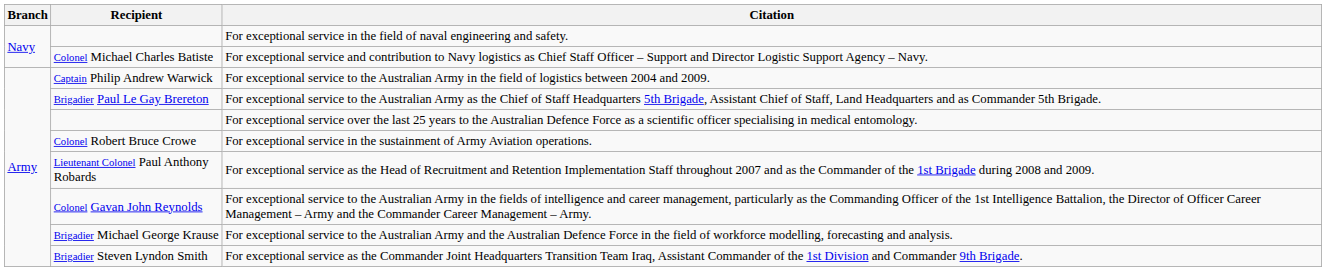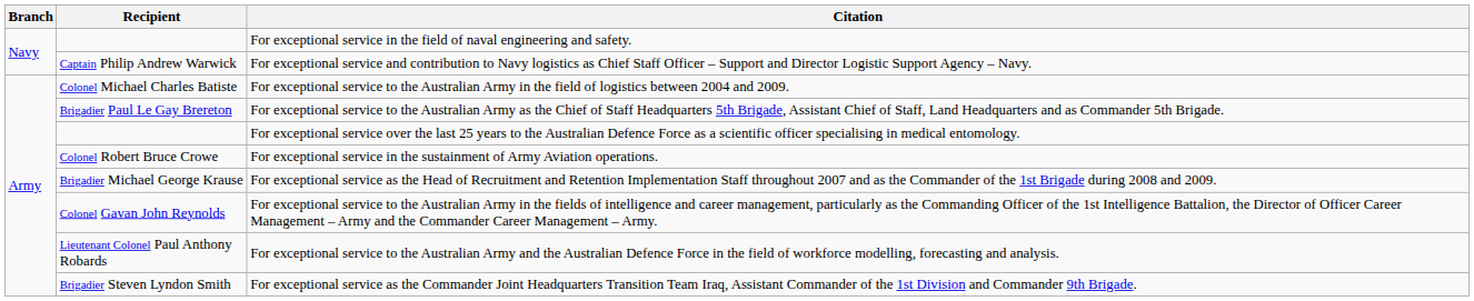 <table class="wikitable" style="font-size:95%;">
 <tr>
 <th>Branch</th>
 <th>Recipient</th>
 <th>Citation</th>
 </tr>
 <tr>
 <td rowspan="2"><a href='#'>Navy</a></td>
 <td></td>
 <td>For exceptional service in the field of naval engineering and safety.</td>
 </tr>
 <tr>
-<td><small><a href='#'>Colonel</a></small> Michael Charles Batiste</td>
+<td><small><a href='#'>Captain</a></small> Philip Andrew Warwick </td>
 <td>For exceptional service and contribution to Navy logistics as Chief Staff Officer – Support and Director Logistic Support Agency – Navy.</td>
 </tr>
 <tr>
 <td rowspan="8"><a href='#'>Army</a></td>
-<td><small><a href='#'>Captain</a></small> Philip Andrew Warwick </td>
+<td><small><a href='#'>Colonel</a></small> Michael Charles Batiste</td>
 <td>For exceptional service to the Australian Army in the field of logistics between 2004 and 2009.</td>
 </tr>
 <tr>
 <td><small><a href='#'>Brigadier</a></small> <a href='#'>Paul Le Gay Brereton</a> </td>
 <td>For exceptional service to the Australian Army as the Chief of Staff Headquarters <a href='#'>5th Brigade</a>, Assistant Chief of Staff, Land Headquarters and as Commander 5th Brigade.</td>
 </tr>
 <tr>
 <td></td>
 <td>For exceptional service over the last 25 years to the Australian Defence Force as a scientific officer specialising in medical entomology.</td>
 </tr>
 <tr>
 <td><small><a href='#'>Colonel</a></small> Robert Bruce Crowe</td>
 <td>For exceptional service in the sustainment of Army Aviation operations.</td>
 </tr>
 <tr>
-<td><small><a href='#'>Lieutenant Colonel</a></small> Paul Anthony Robards</td>
+<td><small><a href='#'>Brigadier</a></small> Michael George Krause</td>
 <td>For exceptional service as the Head of Recruitment and Retention Implementation Staff throughout 2007 and as the Commander of the <a href='#'>1st Brigade</a> during 2008 and 2009.</td>
 </tr>
 <tr>
 <td><small><a href='#'>Colonel</a></small> <a href='#'>Gavan John Reynolds</a></td>
 <td>For exceptional service to the Australian Army in the fields of intelligence and career management, particularly as the Commanding Officer of the 1st Intelligence Battalion, the Director of Officer Career Management – Army and the Commander Career Management – Army.</td>
 </tr>
 <tr>
-<td><small><a href='#'>Brigadier</a></small> Michael George Krause</td>
+<td><small><a href='#'>Lieutenant Colonel</a></small> Paul Anthony Robards</td>
 <td>For exceptional service to the Australian Army and the Australian Defence Force in the field of workforce modelling, forecasting and analysis.</td>
 </tr>
 <tr>
 <td><small><a href='#'>Brigadier</a></small> Steven Lyndon Smith </td>
 <td>For exceptional service as the Commander Joint Headquarters Transition Team Iraq, Assistant Commander of the <a href='#'>1st Division</a> and Commander <a href='#'>9th Brigade</a>.</td>
 </tr>
 </table>
